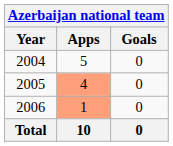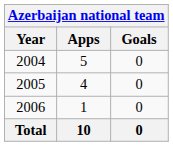 <table class="wikitable" style="text-align:center">
 <tr>
 <th colspan=3><a href='#'>Azerbaijan national team</a></th>
 </tr>
 <tr>
 <th>Year</th>
 <th>Apps</th>
 <th>Goals</th>
 </tr>
 <tr>
 <td>2004</td>
 <td>5</td>
 <td>0</td>
 </tr>
 <tr>
 <td>2005</td>
-<td style="background: lightsalmon;">4</td>
+<td>4</td>
 <td>0</td>
 </tr>
 <tr>
 <td>2006</td>
-<td style="background: lightsalmon;">1</td>
+<td>1</td>
 <td>0</td>
 </tr>
 <tr>
 <th>Total</th>
 <th>10</th>
 <th>0</th>
 </tr>
 </table>
